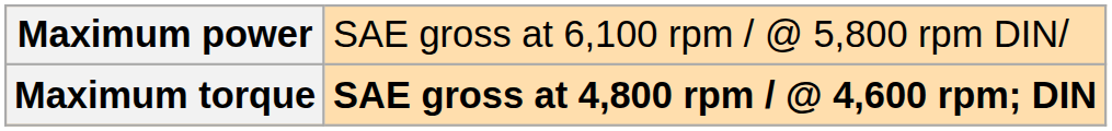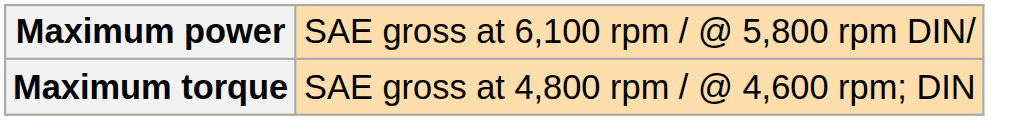 <table class="wikitable" style="background:#ffdead;">
 <tr>
 <th scope="row">Maximum power</th>
 <td> SAE gross at 6,100 rpm /  @ 5,800 rpm DIN/</td>
 </tr>
 <tr>
 <th scope="row">Maximum torque</th>
-<td><strong> SAE gross at 4,800 rpm /  @ 4,600 rpm; DIN</strong></td>
+<td> SAE gross at 4,800 rpm /  @ 4,600 rpm; DIN</td>
 </tr>
 </table>
